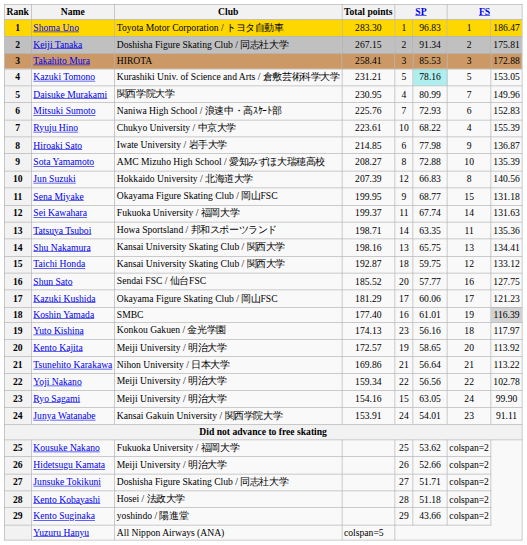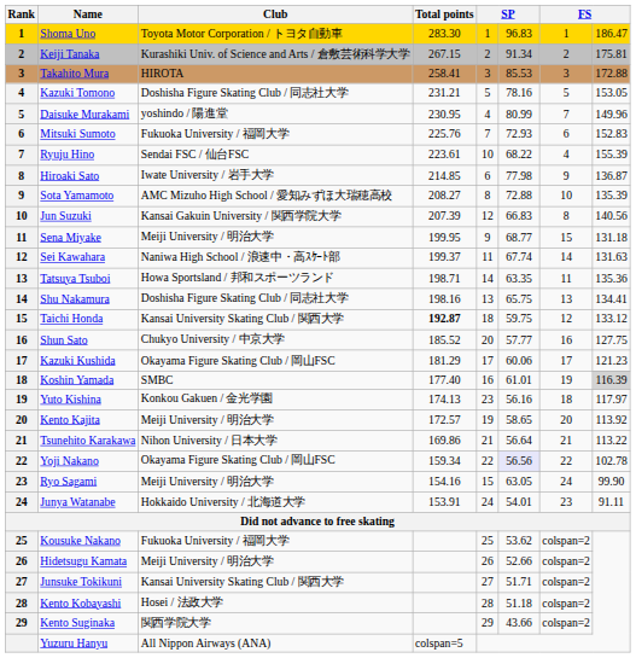 <table class="wikitable sortable">
 <tr>
 <th>Rank</th>
 <th>Name</th>
 <th>Club</th>
 <th>Total points</th>
 <th colspan="2" width="80px"><a href='#'>SP</a></th>
 <th colspan="2" width="80px"><a href='#'>FS</a></th>
 </tr>
 <tr bgcolor="gold">
 <td align="center"><strong>1</strong></td>
 <td><a href='#'>Shoma Uno</a></td>
 <td>Toyota Motor Corporation / トヨタ自動車</td>
 <td align="center">283.30</td>
 <td align="center">1</td>
 <td align="center">96.83</td>
 <td align="center">1</td>
 <td align="center">186.47</td>
 </tr>
 <tr bgcolor="silver">
 <td align="center"><strong>2</strong></td>
 <td><a href='#'>Keiji Tanaka</a></td>
-<td>Doshisha Figure Skating Club / 同志社大学</td>
+<td>Kurashiki Univ. of Science and Arts / 倉敷芸術科学大学</td>
 <td align="center">267.15</td>
 <td align="center">2</td>
 <td align="center">91.34</td>
 <td align="center">2</td>
 <td align="center">175.81</td>
 </tr>
 <tr bgcolor="cc9966">
 <td align="center"><strong>3</strong></td>
 <td><a href='#'>Takahito Mura</a></td>
 <td>HIROTA</td>
 <td align="center">258.41</td>
 <td align="center">3</td>
 <td align="center">85.53</td>
 <td align="center">3</td>
 <td align="center">172.88</td>
 </tr>
 <tr>
 <th>4</th>
 <td><a href='#'>Kazuki Tomono</a></td>
-<td>Kurashiki Univ. of Science and Arts / 倉敷芸術科学大学</td>
+<td>Doshisha Figure Skating Club / 同志社大学</td>
 <td align="center">231.21</td>
 <td align="center">5</td>
-<td align="center" style="background: paleturquoise;">78.16</td>
+<td align="center">78.16</td>
 <td align="center">5</td>
 <td align="center">153.05</td>
 </tr>
 <tr>
 <th>5</th>
 <td><a href='#'>Daisuke Murakami</a></td>
-<td>関西学院大学</td>
+<td>yoshindo / 陽進堂</td>
 <td align="center">230.95</td>
 <td align="center">4</td>
 <td align="center">80.99</td>
 <td align="center">7</td>
 <td align="center">149.96</td>
 </tr>
 <tr>
 <th>6</th>
 <td><a href='#'>Mitsuki Sumoto</a></td>
-<td>Naniwa High School / 浪速中・高ｽｹｰﾄ部</td>
+<td>Fukuoka University / 福岡大学</td>
 <td align="center">225.76</td>
 <td align="center">7</td>
 <td align="center">72.93</td>
 <td align="center">6</td>
 <td align="center">152.83</td>
 </tr>
 <tr>
 <th>7</th>
 <td><a href='#'>Ryuju Hino</a></td>
-<td>Chukyo University / 中京大学</td>
+<td>Sendai FSC / 仙台FSC</td>
 <td align="center">223.61</td>
 <td align="center">10</td>
 <td align="center">68.22</td>
 <td align="center">4</td>
 <td align="center">155.39</td>
 </tr>
 <tr>
 <th>8</th>
 <td><a href='#'>Hiroaki Sato</a></td>
 <td>Iwate University / 岩手大学</td>
 <td align="center">214.85</td>
 <td align="center">6</td>
 <td align="center">77.98</td>
 <td align="center">9</td>
 <td align="center">136.87</td>
 </tr>
 <tr>
 <th>9</th>
 <td><a href='#'>Sota Yamamoto</a></td>
 <td>AMC Mizuho High School / 愛知みずほ大瑞穂高校</td>
 <td align="center">208.27</td>
 <td align="center">8</td>
 <td align="center">72.88</td>
 <td align="center">10</td>
 <td align="center">135.39</td>
 </tr>
 <tr>
 <th>10</th>
 <td><a href='#'>Jun Suzuki</a></td>
-<td>Hokkaido University / 北海道大学</td>
+<td>Kansai Gakuin University / 関西学院大学</td>
 <td align="center">207.39</td>
 <td align="center">12</td>
 <td align="center">66.83</td>
 <td align="center">8</td>
 <td align="center">140.56</td>
 </tr>
 <tr>
 <th>11</th>
 <td><a href='#'>Sena Miyake</a></td>
-<td>Okayama Figure Skating Club / 岡山FSC</td>
+<td>Meiji University / 明治大学</td>
 <td align="center">199.95</td>
 <td align="center">9</td>
 <td align="center">68.77</td>
 <td align="center">15</td>
 <td align="center">131.18</td>
 </tr>
 <tr>
 <th>12</th>
 <td><a href='#'>Sei Kawahara</a></td>
-<td>Fukuoka University / 福岡大学</td>
+<td>Naniwa High School / 浪速中・高ｽｹｰﾄ部</td>
 <td align="center">199.37</td>
 <td align="center">11</td>
 <td align="center">67.74</td>
 <td align="center">14</td>
 <td align="center">131.63</td>
 </tr>
 <tr>
 <th>13</th>
 <td><a href='#'>Tatsuya Tsuboi</a></td>
 <td>Howa Sportsland / 邦和スポーツランド</td>
 <td align="center">198.71</td>
 <td align="center">14</td>
 <td align="center">63.35</td>
 <td align="center">11</td>
 <td align="center">135.36</td>
 </tr>
 <tr>
 <th>14</th>
 <td><a href='#'>Shu Nakamura</a></td>
-<td>Kansai University Skating Club / 関西大学</td>
+<td>Doshisha Figure Skating Club / 同志社大学</td>
 <td align="center">198.16</td>
 <td align="center">13</td>
 <td align="center">65.75</td>
 <td align="center">13</td>
 <td align="center">134.41</td>
 </tr>
 <tr>
 <th>15</th>
 <td><a href='#'>Taichi Honda</a></td>
 <td>Kansai University Skating Club / 関西大学</td>
-<td align="center">192.87</td>
+<td align="center"><strong>192.87</strong></td>
 <td align="center">18</td>
 <td align="center">59.75</td>
 <td align="center">12</td>
 <td align="center">133.12</td>
 </tr>
 <tr>
 <th>16</th>
 <td><a href='#'>Shun Sato</a></td>
-<td>Sendai FSC / 仙台FSC</td>
+<td>Chukyo University / 中京大学</td>
 <td align="center">185.52</td>
 <td align="center">20</td>
 <td align="center">57.77</td>
 <td align="center">16</td>
 <td align="center">127.75</td>
 </tr>
 <tr>
 <th>17</th>
 <td><a href='#'>Kazuki Kushida</a></td>
 <td>Okayama Figure Skating Club / 岡山FSC</td>
 <td align="center">181.29</td>
 <td align="center">17</td>
 <td align="center">60.06</td>
 <td align="center">17</td>
 <td align="center">121.23</td>
 </tr>
 <tr>
 <th>18</th>
 <td><a href='#'>Koshin Yamada</a></td>
 <td>SMBC</td>
 <td align="center">177.40</td>
 <td align="center">16</td>
 <td align="center">61.01</td>
 <td align="center">19</td>
 <td align="center" style="background: lightgrey;">116.39</td>
 </tr>
 <tr>
 <th>19</th>
 <td><a href='#'>Yuto Kishina</a></td>
 <td>Konkou Gakuen / 金光学園</td>
 <td align="center">174.13</td>
 <td align="center">23</td>
 <td align="center">56.16</td>
 <td align="center">18</td>
 <td align="center">117.97</td>
 </tr>
 <tr>
 <th>20</th>
 <td><a href='#'>Kento Kajita</a></td>
 <td>Meiji University / 明治大学</td>
 <td align="center">172.57</td>
 <td align="center">19</td>
 <td align="center">58.65</td>
 <td align="center">20</td>
 <td align="center">113.92</td>
 </tr>
 <tr>
 <th>21</th>
 <td><a href='#'>Tsunehito Karakawa</a></td>
 <td>Nihon University / 日本大学</td>
 <td align="center">169.86</td>
 <td align="center">21</td>
 <td align="center">56.64</td>
 <td align="center">21</td>
 <td align="center">113.22</td>
 </tr>
 <tr>
 <th>22</th>
 <td><a href='#'>Yoji Nakano</a></td>
-<td>Meiji University / 明治大学</td>
+<td>Okayama Figure Skating Club / 岡山FSC</td>
 <td align="center">159.34</td>
 <td align="center">22</td>
-<td align="center">56.56</td>
+<td align="center" style="background: lavender;">56.56</td>
 <td align="center">22</td>
 <td align="center">102.78</td>
 </tr>
 <tr>
 <th>23</th>
 <td><a href='#'>Ryo Sagami</a></td>
 <td>Meiji University / 明治大学</td>
 <td align="center">154.16</td>
 <td align="center">15</td>
 <td align="center">63.05</td>
 <td align="center">24</td>
 <td align="center">99.90</td>
 </tr>
 <tr>
 <th>24</th>
 <td><a href='#'>Junya Watanabe</a></td>
-<td>Kansai Gakuin University / 関西学院大学</td>
+<td>Hokkaido University / 北海道大学</td>
 <td align="center">153.91</td>
 <td align="center">24</td>
 <td align="center">54.01</td>
 <td align="center">23</td>
 <td align="center">91.11</td>
 </tr>
 <tr>
 <th colspan=8>Did not advance to free skating</th>
 </tr>
 <tr>
 <th>25</th>
 <td><a href='#'>Kousuke Nakano</a></td>
 <td>Fukuoka University / 福岡大学</td>
 <td></td>
 <td align="center">25</td>
 <td align="center">53.62</td>
 <td>colspan=2 </td>
 </tr>
 <tr>
 <th>26</th>
 <td><a href='#'>Hidetsugu Kamata</a></td>
 <td>Meiji University / 明治大学</td>
 <td></td>
 <td align="center">26</td>
 <td align="center">52.66</td>
 <td>colspan=2 </td>
 </tr>
 <tr>
 <th>27</th>
 <td><a href='#'>Junsuke Tokikuni</a></td>
-<td>Doshisha Figure Skating Club / 同志社大学</td>
+<td>Kansai University Skating Club / 関西大学</td>
 <td></td>
 <td align="center">27</td>
 <td align="center">51.71</td>
 <td>colspan=2 </td>
 </tr>
 <tr>
 <th>28</th>
 <td><a href='#'>Kento Kobayashi</a></td>
 <td>Hosei / 法政大学</td>
 <td></td>
 <td align="center">28</td>
 <td align="center">51.18</td>
 <td>colspan=2 </td>
 </tr>
 <tr>
 <th>29</th>
 <td><a href='#'>Kento Suginaka</a></td>
-<td>yoshindo / 陽進堂</td>
+<td>関西学院大学</td>
 <td></td>
 <td align="center">29</td>
 <td align="center">43.66</td>
 <td>colspan=2 </td>
 </tr>
 <tr>
 <th></th>
 <td><a href='#'>Yuzuru Hanyu</a></td>
 <td>All Nippon Airways (ANA)</td>
 <td>colspan=5 </td>
 </tr>
 </table>
